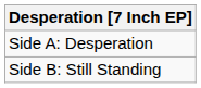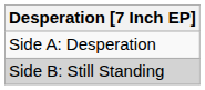 <table class="wikitable">
 <tr>
 <th>Desperation [7 Inch EP]</th>
 </tr>
 <tr>
 <td>Side A: Desperation</td>
 </tr>
 <tr>
-<td>Side B: Still Standing</td>
+<td style="background: lightgrey;">Side B: Still Standing</td>
 </tr>
 </table>
